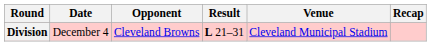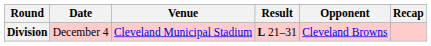 <table class="wikitable" style="text-align:center">
 <tr>
 <th>Round</th>
 <th>Date</th>
+<th>Venue</th>
+<th>Result</th>
 <th>Opponent</th>
-<th>Result</th>
-<th>Venue</th>
 <th>Recap</th>
 </tr>
 <tr style="background: #fcc;">
 <th>Division</th>
 <td>December 4</td>
+<td><a href='#'>Cleveland Municipal Stadium</a></td>
+<td><strong>L</strong> 21–31</td>
 <td><a href='#'>Cleveland Browns</a></td>
-<td><strong>L</strong> 21–31</td>
-<td><a href='#'>Cleveland Municipal Stadium</a></td>
 <td></td>
 </tr>
 </table>
